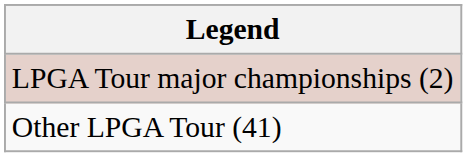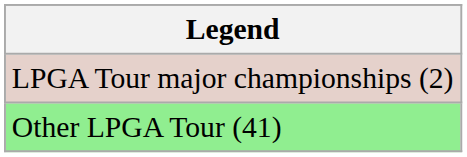 <table class="wikitable" style="font-size:95%;">
 <tr>
 <th>Legend</th>
 </tr>
 <tr style="background:#e5d1cb;">
 <td>LPGA Tour major championships (2)</td>
 </tr>
 <tr>
-<td>Other LPGA Tour (41)</td>
+<td style="background: lightgreen;">Other LPGA Tour (41)</td>
 </tr>
 </table>
